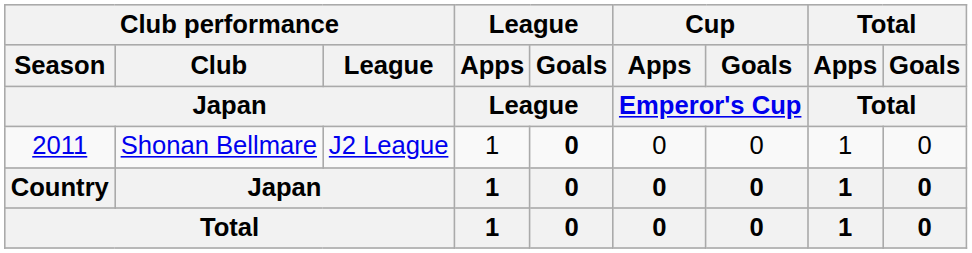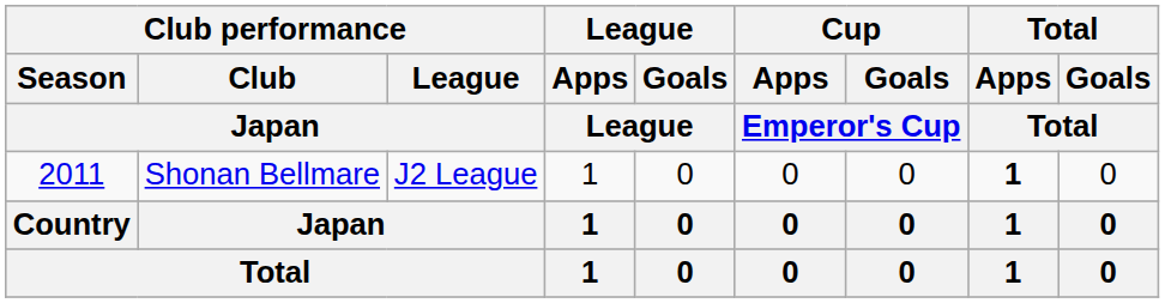 <table class="wikitable" style="text-align:center;">
 <tr>
 <th colspan=3>Club performance</th>
 <th colspan=2>League</th>
 <th colspan=2>Cup</th>
 <th colspan=2>Total</th>
 </tr>
 <tr>
 <th>Season</th>
 <th>Club</th>
 <th>League</th>
 <th>Apps</th>
 <th>Goals</th>
 <th>Apps</th>
 <th>Goals</th>
 <th>Apps</th>
 <th>Goals</th>
 </tr>
 <tr>
 <th colspan=3>Japan</th>
 <th colspan=2>League</th>
 <th colspan=2><a href='#'>Emperor's Cup</a></th>
 <th colspan=2>Total</th>
 </tr>
 <tr>
 <td><a href='#'>2011</a></td>
 <td><a href='#'>Shonan Bellmare</a></td>
 <td><a href='#'>J2 League</a></td>
 <td>1</td>
-<td><strong>0</strong></td>
 <td>0</td>
 <td>0</td>
-<td>1</td>
+<td>0</td>
+<td><strong>1</strong></td>
 <td>0</td>
 </tr>
 <tr>
 <th rowspan=1>Country</th>
 <th colspan=2>Japan</th>
 <th>1</th>
 <th>0</th>
 <th>0</th>
 <th>0</th>
 <th>1</th>
 <th>0</th>
 </tr>
 <tr>
 <th colspan=3>Total</th>
 <th>1</th>
 <th>0</th>
 <th>0</th>
 <th>0</th>
 <th>1</th>
 <th>0</th>
 </tr>
 </table>
